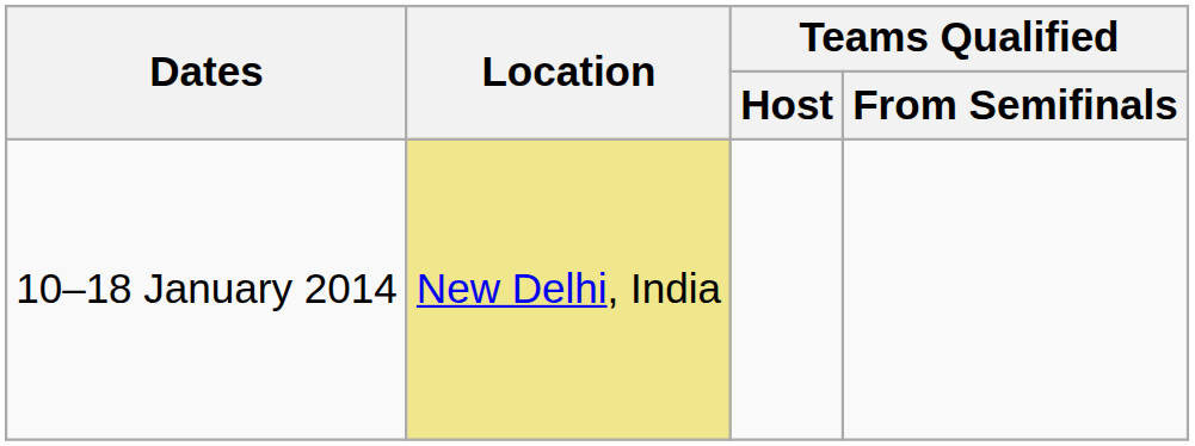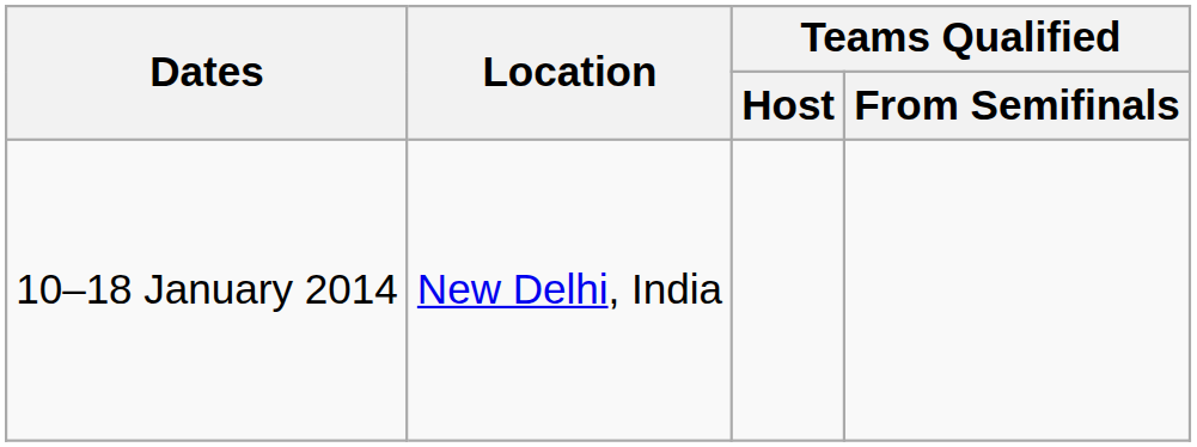 <table class=wikitable>
 <tr>
 <th rowspan=2>Dates</th>
 <th rowspan=2>Location</th>
 <th colspan=2>Teams Qualified</th>
 </tr>
 <tr>
 <th>Host</th>
 <th>From Semifinals</th>
 </tr>
 <tr>
 <td>10–18 January 2014</td>
-<td style="background: khaki;"><a href='#'>New Delhi</a>, India</td>
+<td><a href='#'>New Delhi</a>, India</td>
 <td></td>
 <td><br><br><br><br><br><br></td>
 </tr>
 </table>
